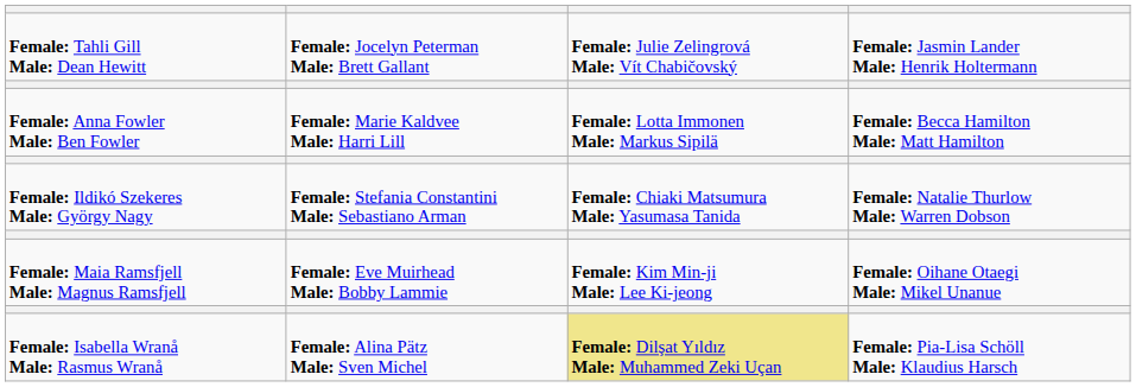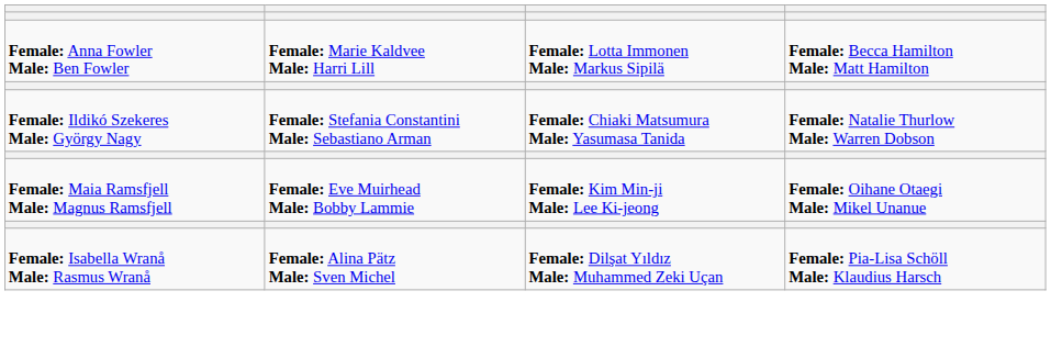 <table class=wikitable>
 <tr>
 <th width=250></th>
 <th width=250></th>
 <th width=250></th>
 <th width=250></th>
-</tr>
-<tr>
-<td><br><strong>Female:</strong> <a href='#'>Tahli Gill</a><br> <strong>Male:</strong> <a href='#'>Dean Hewitt</a></td>
-<td><br><strong>Female:</strong> <a href='#'>Jocelyn Peterman</a><br> <strong>Male:</strong> <a href='#'>Brett Gallant</a></td>
-<td><br><strong>Female:</strong> <a href='#'>Julie Zelingrová</a><br> <strong>Male:</strong> <a href='#'>Vít Chabičovský</a></td>
-<td><br><strong>Female:</strong> <a href='#'>Jasmin Lander</a><br> <strong>Male:</strong> <a href='#'>Henrik Holtermann</a></td>
 </tr>
 <tr>
 <th width=250></th>
 <th width=250></th>
 <th width=250></th>
 <th width=250></th>
 </tr>
 <tr>
 <td><br><strong>Female:</strong> <a href='#'>Anna Fowler</a><br> <strong>Male:</strong> <a href='#'>Ben Fowler</a></td>
 <td><br><strong>Female:</strong> <a href='#'>Marie Kaldvee</a><br> <strong>Male:</strong> <a href='#'>Harri Lill</a></td>
 <td><br><strong>Female:</strong> <a href='#'>Lotta Immonen</a><br> <strong>Male:</strong> <a href='#'>Markus Sipilä</a></td>
 <td><br><strong>Female:</strong> <a href='#'>Becca Hamilton</a><br> <strong>Male:</strong> <a href='#'>Matt Hamilton</a></td>
 </tr>
 <tr>
 <th width=250></th>
 <th width=250></th>
 <th width=250></th>
 <th width=250></th>
 </tr>
 <tr>
 <td><br><strong>Female:</strong> <a href='#'>Ildikó Szekeres</a><br> <strong>Male:</strong> <a href='#'>György Nagy</a></td>
 <td><br><strong>Female:</strong> <a href='#'>Stefania Constantini</a><br> <strong>Male:</strong> <a href='#'>Sebastiano Arman</a></td>
 <td><br><strong>Female:</strong> <a href='#'>Chiaki Matsumura</a><br> <strong>Male:</strong> <a href='#'>Yasumasa Tanida</a></td>
 <td><br><strong>Female:</strong> <a href='#'>Natalie Thurlow</a><br> <strong>Male:</strong> <a href='#'>Warren Dobson</a></td>
 </tr>
 <tr>
 <th width=250></th>
 <th width=250></th>
 <th width=250></th>
 <th width=250></th>
 </tr>
 <tr>
 <td><br><strong>Female:</strong> <a href='#'>Maia Ramsfjell</a><br> <strong>Male:</strong> <a href='#'>Magnus Ramsfjell</a></td>
 <td><br><strong>Female:</strong> <a href='#'>Eve Muirhead</a><br> <strong>Male:</strong> <a href='#'>Bobby Lammie</a></td>
 <td><br><strong>Female:</strong> <a href='#'>Kim Min-ji</a><br> <strong>Male:</strong> <a href='#'>Lee Ki-jeong</a></td>
 <td><br><strong>Female:</strong> <a href='#'>Oihane Otaegi</a><br> <strong>Male:</strong> <a href='#'>Mikel Unanue</a></td>
 </tr>
 <tr>
 <th width=250></th>
 <th width=250></th>
 <th width=250></th>
 <th width=250></th>
 </tr>
 <tr>
 <td><br><strong>Female:</strong> <a href='#'>Isabella Wranå</a><br> <strong>Male:</strong> <a href='#'>Rasmus Wranå</a></td>
 <td><br><strong>Female:</strong> <a href='#'>Alina Pätz</a><br> <strong>Male:</strong> <a href='#'>Sven Michel</a></td>
-<td style="background: khaki;"><br><strong>Female:</strong> <a href='#'>Dilşat Yıldız</a><br> <strong>Male:</strong> <a href='#'>Muhammed Zeki Uçan</a></td>
+<td><br><strong>Female:</strong> <a href='#'>Dilşat Yıldız</a><br> <strong>Male:</strong> <a href='#'>Muhammed Zeki Uçan</a></td>
 <td><br><strong>Female:</strong> <a href='#'>Pia-Lisa Schöll</a><br> <strong>Male:</strong> <a href='#'>Klaudius Harsch</a></td>
 </tr>
 </table>
